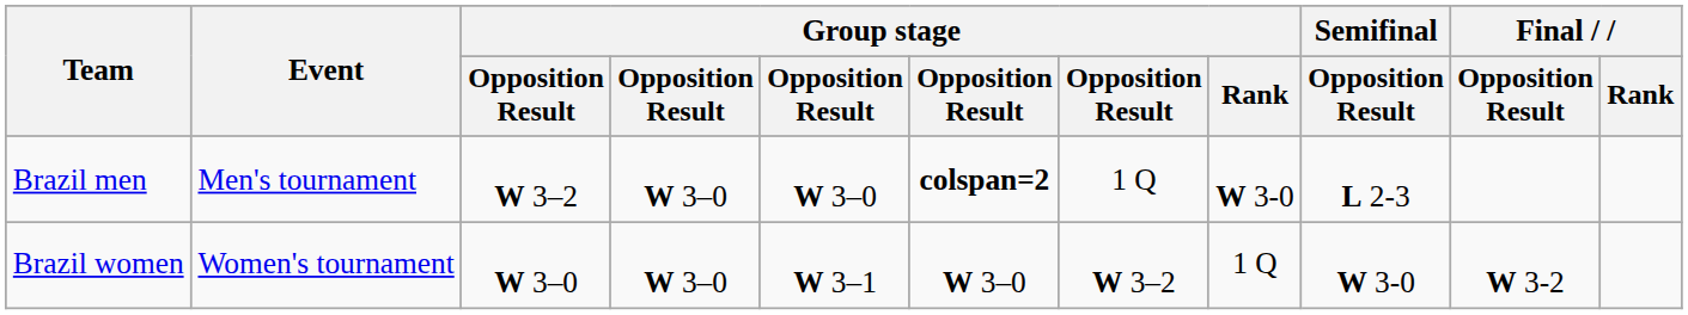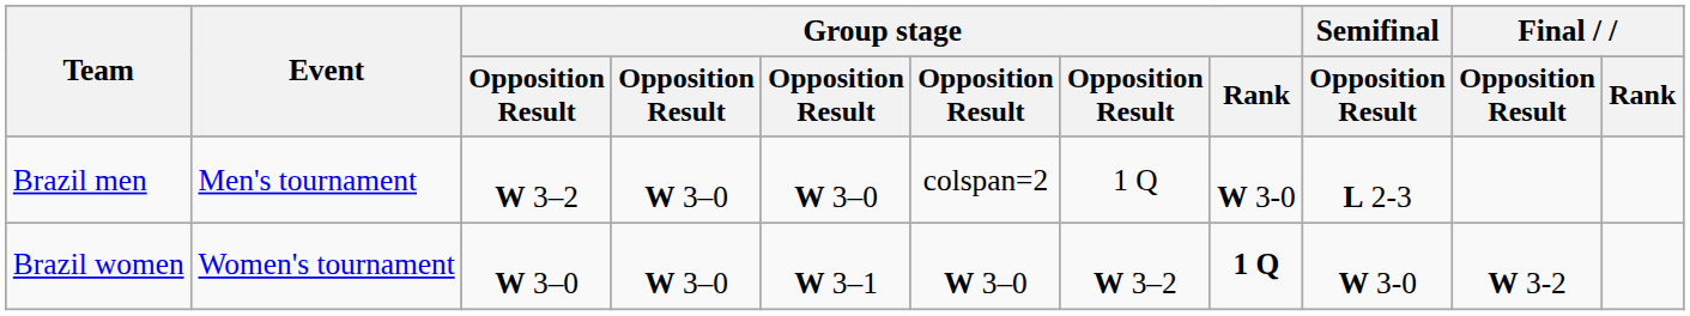 <table class=wikitable style=font-size:90%;text-align:center>
 <tr>
 <th rowspan=2>Team</th>
 <th rowspan=2>Event</th>
 <th colspan=6>Group stage</th>
 <th>Semifinal</th>
 <th colspan=2>Final /  / </th>
 </tr>
 <tr style=font-size:95%>
 <th>Opposition<br>Result</th>
 <th>Opposition<br>Result</th>
 <th>Opposition<br>Result</th>
 <th>Opposition<br>Result</th>
 <th>Opposition<br>Result</th>
 <th>Rank</th>
 <th>Opposition<br>Result</th>
 <th>Opposition<br>Result</th>
 <th>Rank</th>
 </tr>
 <tr>
 <td align=left><a href='#'>Brazil men</a></td>
 <td align=left><a href='#'>Men's tournament</a></td>
 <td><br><strong>W</strong> 3–2</td>
 <td><br><strong>W</strong> 3–0</td>
 <td><br><strong>W</strong> 3–0</td>
-<td><strong>colspan=2 </strong></td>
+<td>colspan=2 </td>
 <td>1 Q</td>
 <td><br><strong>W</strong> 3-0</td>
 <td><br><strong>L</strong> 2-3</td>
 <td></td>
 </tr>
 <tr>
 <td align=left><a href='#'>Brazil women</a></td>
 <td align=left><a href='#'>Women's tournament</a></td>
 <td><br><strong>W</strong> 3–0</td>
 <td><br><strong>W</strong> 3–0</td>
 <td><br><strong>W</strong> 3–1</td>
 <td><br><strong>W</strong> 3–0</td>
 <td><br><strong>W</strong> 3–2</td>
-<td>1 Q</td>
+<td><strong>1 Q</strong></td>
 <td><br><strong>W</strong> 3-0</td>
 <td><br><strong>W</strong> 3-2</td>
 <td></td>
 </tr>
 </table>
